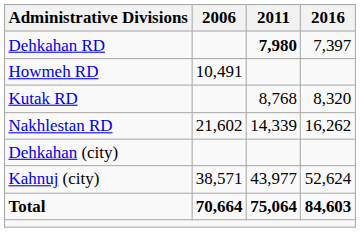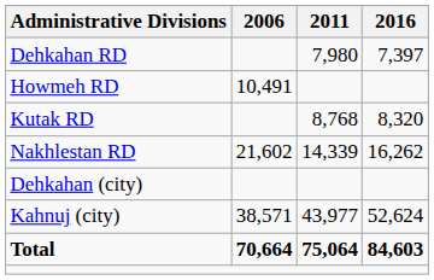 <table class="wikitable">
 <tr>
 <th>Administrative Divisions</th>
 <th>2006</th>
 <th>2011</th>
 <th>2016</th>
 </tr>
 <tr>
 <td><a href='#'>Dehkahan RD</a></td>
 <td style="text-align: right;"></td>
-<td style="text-align: right;"><strong>7,980</strong></td>
+<td style="text-align: right;">7,980</td>
 <td style="text-align: right;">7,397</td>
 </tr>
 <tr>
 <td><a href='#'>Howmeh RD</a></td>
 <td style="text-align: right;">10,491</td>
 <td style="text-align: right;"></td>
 <td style="text-align: right;"></td>
 </tr>
 <tr>
 <td><a href='#'>Kutak RD</a></td>
 <td style="text-align: right;"></td>
 <td style="text-align: right;">8,768</td>
 <td style="text-align: right;">8,320</td>
 </tr>
 <tr>
 <td><a href='#'>Nakhlestan RD</a></td>
 <td style="text-align: right;">21,602</td>
 <td style="text-align: right;">14,339</td>
 <td style="text-align: right;">16,262</td>
 </tr>
 <tr>
 <td><a href='#'>Dehkahan</a> (city)</td>
 <td style="text-align: right;"></td>
 <td style="text-align: right;"></td>
 <td style="text-align: right;"></td>
 </tr>
 <tr>
 <td><a href='#'>Kahnuj</a> (city)</td>
 <td style="text-align: right;">38,571</td>
 <td style="text-align: right;">43,977</td>
 <td style="text-align: right;">52,624</td>
 </tr>
 <tr>
 <td><strong>Total</strong></td>
 <td style="text-align: right;"><strong>70,664</strong></td>
 <td style="text-align: right;"><strong>75,064</strong></td>
 <td style="text-align: right;"><strong>84,603</strong></td>
 </tr>
 <tr>
 <td colspan=4></td>
 </tr>
 </table>
